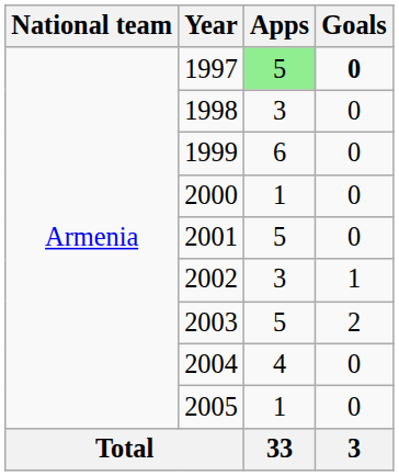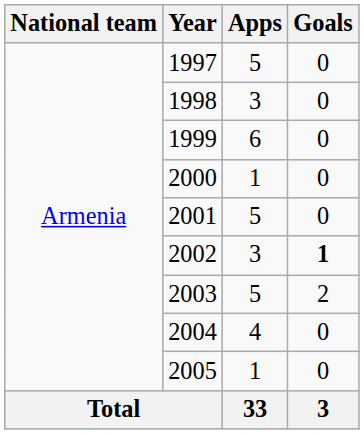 <table class="wikitable" style="text-align:center">
 <tr>
 <th>National team</th>
 <th>Year</th>
 <th>Apps</th>
 <th>Goals</th>
 </tr>
 <tr>
 <td rowspan="9"><a href='#'>Armenia</a></td>
 <td>1997</td>
-<td style="background: lightgreen;">5</td>
-<td><strong>0</strong></td>
+<td>5</td>
+<td>0</td>
 </tr>
 <tr>
 <td>1998</td>
 <td>3</td>
 <td>0</td>
 </tr>
 <tr>
 <td>1999</td>
 <td>6</td>
 <td>0</td>
 </tr>
 <tr>
 <td>2000</td>
 <td>1</td>
 <td>0</td>
 </tr>
 <tr>
 <td>2001</td>
 <td>5</td>
 <td>0</td>
 </tr>
 <tr>
 <td>2002</td>
 <td>3</td>
-<td>1</td>
+<td><strong>1</strong></td>
 </tr>
 <tr>
 <td>2003</td>
 <td>5</td>
 <td>2</td>
 </tr>
 <tr>
 <td>2004</td>
 <td>4</td>
 <td>0</td>
 </tr>
 <tr>
 <td>2005</td>
 <td>1</td>
 <td>0</td>
 </tr>
 <tr>
 <th colspan="2">Total</th>
 <th>33</th>
 <th>3</th>
 </tr>
 </table>
